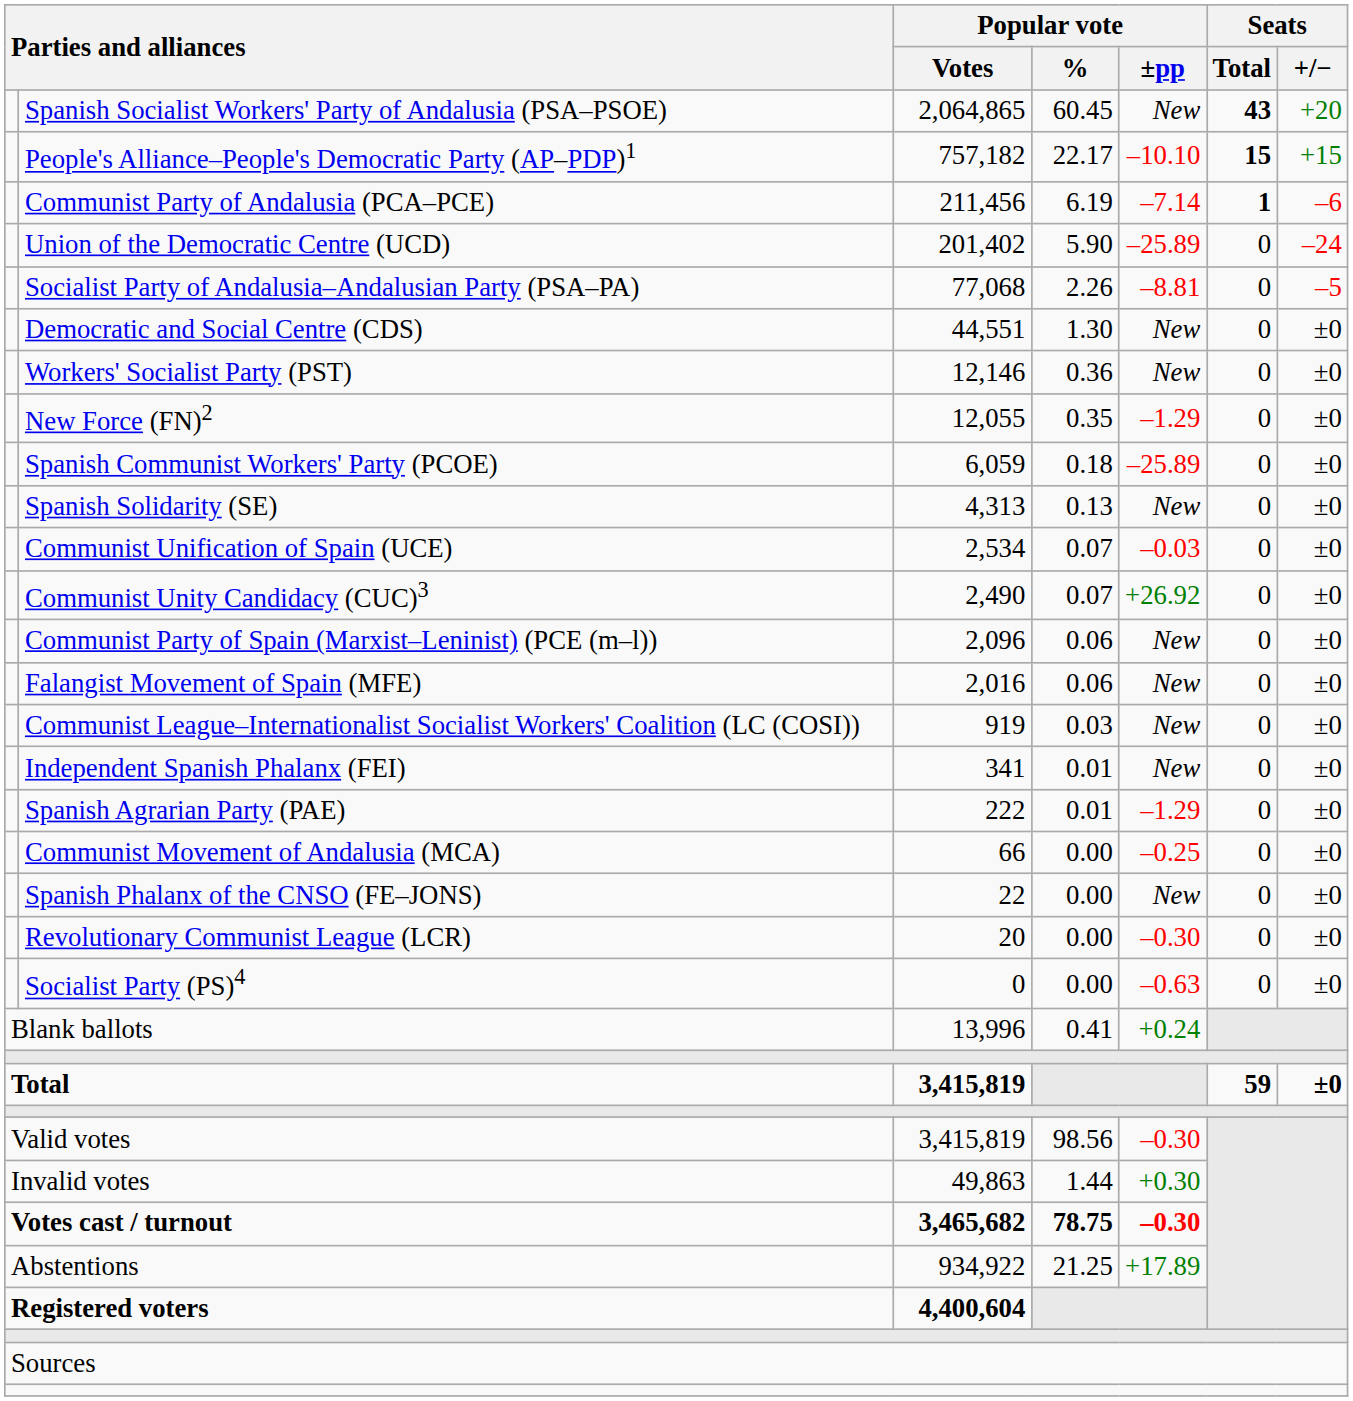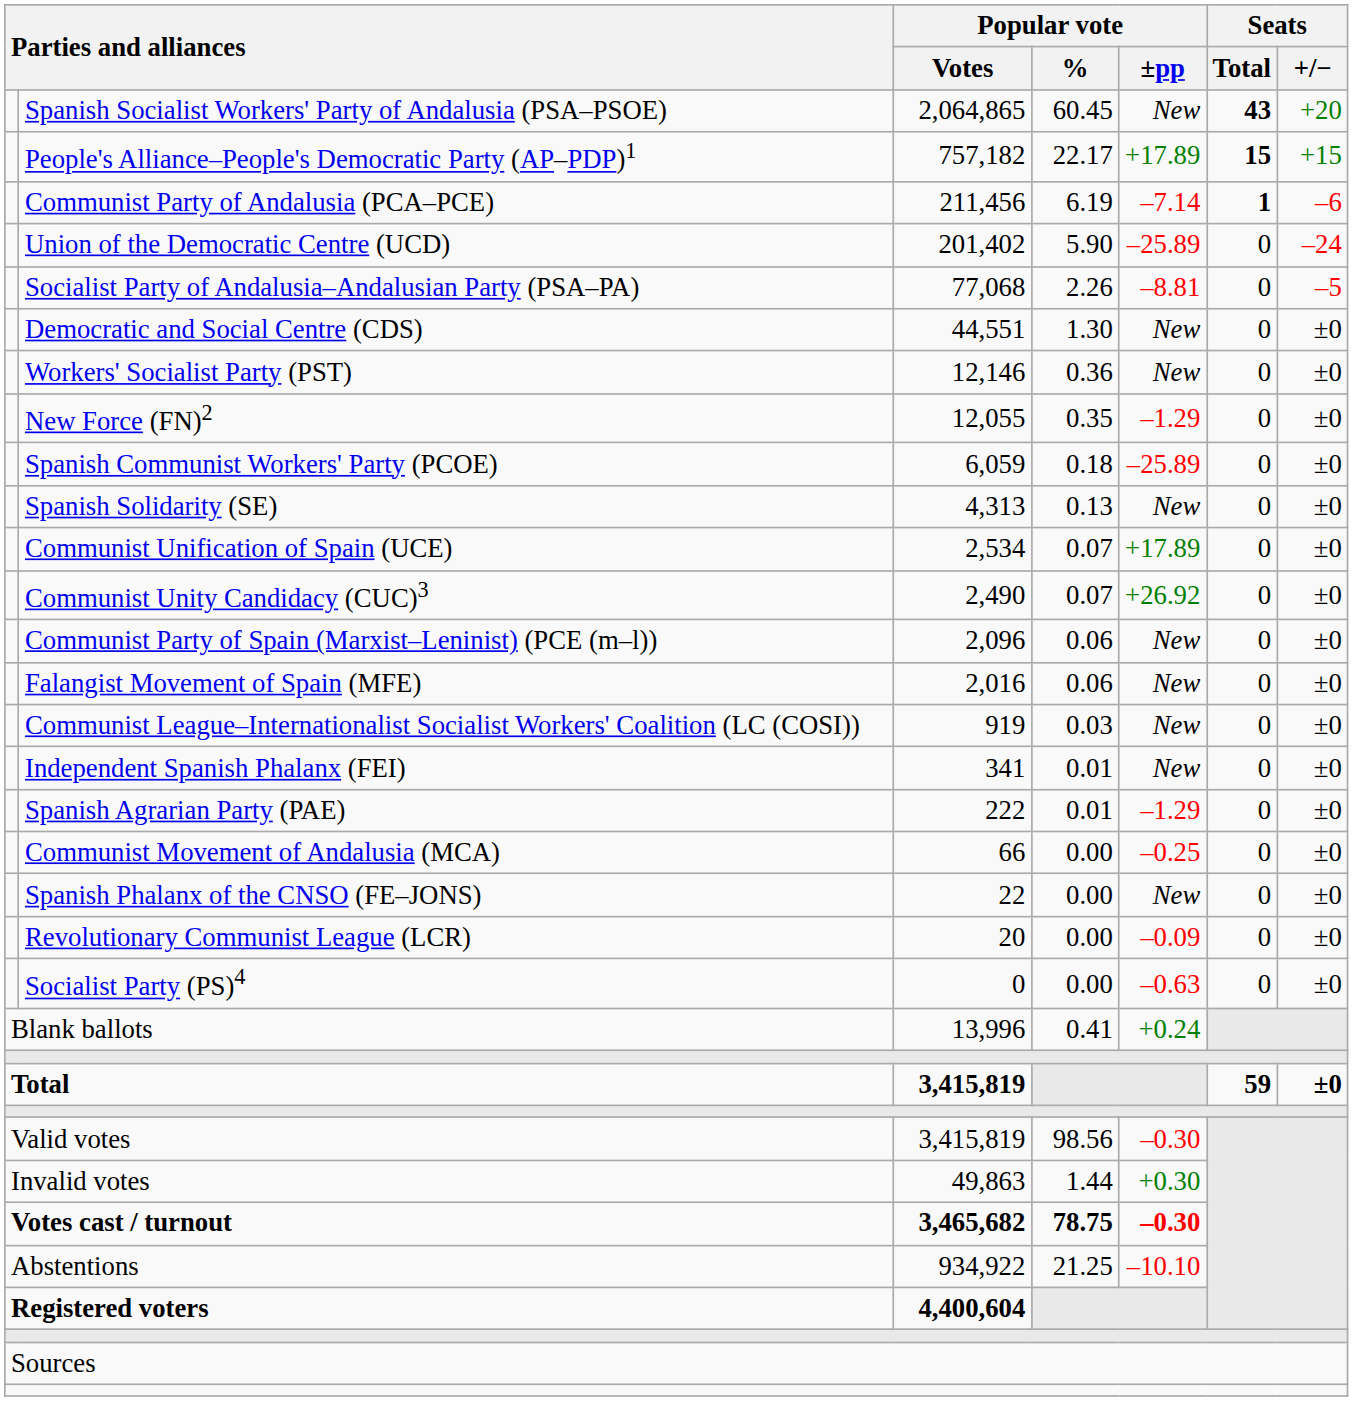 <table class="wikitable" style="text-align:right;">
 <tr>
 <th style="text-align:left;" rowspan="2" colspan="2" width="525">Parties and alliances</th>
 <th colspan="3">Popular vote</th>
 <th colspan="2">Seats</th>
 </tr>
 <tr>
 <th width="75">Votes</th>
 <th width="45">%</th>
 <th width="45">±<a href='#'>pp</a></th>
 <th width="35">Total</th>
 <th width="35">+/−</th>
 </tr>
 <tr>
 <td width="1" style="color:inherit;background:"></td>
 <td align="left"><a href='#'>Spanish Socialist Workers' Party of Andalusia</a> (PSA–PSOE)</td>
 <td>2,064,865</td>
 <td>60.45</td>
 <td><em>New</em></td>
 <td><strong>43</strong></td>
 <td style="color:green;">+20</td>
 </tr>
 <tr>
 <td style="color:inherit;background:"></td>
 <td align="left"><a href='#'>People's Alliance–People's Democratic Party</a> (<a href='#'>AP</a>–<a href='#'>PDP</a>)<sup>1</sup></td>
 <td>757,182</td>
 <td>22.17</td>
-<td style="color:red;">–10.10</td>
+<td style="color:green;">+17.89</td>
 <td><strong>15</strong></td>
 <td style="color:green;">+15</td>
 </tr>
 <tr>
 <td style="color:inherit;background:"></td>
 <td align="left"><a href='#'>Communist Party of Andalusia</a> (PCA–PCE)</td>
 <td>211,456</td>
 <td>6.19</td>
 <td style="color:red;">–7.14</td>
 <td><strong>1</strong></td>
 <td style="color:red;">–6</td>
 </tr>
 <tr>
 <td style="color:inherit;background:"></td>
 <td align="left"><a href='#'>Union of the Democratic Centre</a> (UCD)</td>
 <td>201,402</td>
 <td>5.90</td>
 <td style="color:red;">–25.89</td>
 <td>0</td>
 <td style="color:red;">–24</td>
 </tr>
 <tr>
 <td style="color:inherit;background:"></td>
 <td align="left"><a href='#'>Socialist Party of Andalusia–Andalusian Party</a> (PSA–PA)</td>
 <td>77,068</td>
 <td>2.26</td>
 <td style="color:red;">–8.81</td>
 <td>0</td>
 <td style="color:red;">–5</td>
 </tr>
 <tr>
 <td style="color:inherit;background:"></td>
 <td align="left"><a href='#'>Democratic and Social Centre</a> (CDS)</td>
 <td>44,551</td>
 <td>1.30</td>
 <td><em>New</em></td>
 <td>0</td>
 <td>±0</td>
 </tr>
 <tr>
 <td style="color:inherit;background:"></td>
 <td align="left"><a href='#'>Workers' Socialist Party</a> (PST)</td>
 <td>12,146</td>
 <td>0.36</td>
 <td><em>New</em></td>
 <td>0</td>
 <td>±0</td>
 </tr>
 <tr>
 <td style="color:inherit;background:"></td>
 <td align="left"><a href='#'>New Force</a> (FN)<sup>2</sup></td>
 <td>12,055</td>
 <td>0.35</td>
 <td style="color:red;">–1.29</td>
 <td>0</td>
 <td>±0</td>
 </tr>
 <tr>
 <td style="color:inherit;background:"></td>
 <td align="left"><a href='#'>Spanish Communist Workers' Party</a> (PCOE)</td>
 <td>6,059</td>
 <td>0.18</td>
 <td style="color:red;">–25.89</td>
 <td>0</td>
 <td>±0</td>
 </tr>
 <tr>
 <td style="color:inherit;background:"></td>
 <td align="left"><a href='#'>Spanish Solidarity</a> (SE)</td>
 <td>4,313</td>
 <td>0.13</td>
 <td><em>New</em></td>
 <td>0</td>
 <td>±0</td>
 </tr>
 <tr>
 <td style="color:inherit;background:"></td>
 <td align="left"><a href='#'>Communist Unification of Spain</a> (UCE)</td>
 <td>2,534</td>
 <td>0.07</td>
-<td style="color:red;">–0.03</td>
+<td style="color:green;">+17.89</td>
 <td>0</td>
 <td>±0</td>
 </tr>
 <tr>
 <td style="color:inherit;background:"></td>
 <td align="left"><a href='#'>Communist Unity Candidacy</a> (CUC)<sup>3</sup></td>
 <td>2,490</td>
 <td>0.07</td>
 <td style="color:green;">+26.92</td>
 <td>0</td>
 <td>±0</td>
 </tr>
 <tr>
 <td style="color:inherit;background:"></td>
 <td align="left"><a href='#'>Communist Party of Spain (Marxist–Leninist)</a> (PCE (m–l))</td>
 <td>2,096</td>
 <td>0.06</td>
 <td><em>New</em></td>
 <td>0</td>
 <td>±0</td>
 </tr>
 <tr>
 <td style="color:inherit;background:"></td>
 <td align="left"><a href='#'>Falangist Movement of Spain</a> (MFE)</td>
 <td>2,016</td>
 <td>0.06</td>
 <td><em>New</em></td>
 <td>0</td>
 <td>±0</td>
 </tr>
 <tr>
 <td style="color:inherit;background:"></td>
 <td align="left"><a href='#'>Communist League–Internationalist Socialist Workers' Coalition</a> (LC (COSI))</td>
 <td>919</td>
 <td>0.03</td>
 <td><em>New</em></td>
 <td>0</td>
 <td>±0</td>
 </tr>
 <tr>
 <td style="color:inherit;background:"></td>
 <td align="left"><a href='#'>Independent Spanish Phalanx</a> (FEI)</td>
 <td>341</td>
 <td>0.01</td>
 <td><em>New</em></td>
 <td>0</td>
 <td>±0</td>
 </tr>
 <tr>
 <td style="color:inherit;background:"></td>
 <td align="left"><a href='#'>Spanish Agrarian Party</a> (PAE)</td>
 <td>222</td>
 <td>0.01</td>
 <td style="color:red;">–1.29</td>
 <td>0</td>
 <td>±0</td>
 </tr>
 <tr>
 <td style="color:inherit;background:"></td>
 <td align="left"><a href='#'>Communist Movement of Andalusia</a> (MCA)</td>
 <td>66</td>
 <td>0.00</td>
 <td style="color:red;">–0.25</td>
 <td>0</td>
 <td>±0</td>
 </tr>
 <tr>
 <td style="color:inherit;background:"></td>
 <td align="left"><a href='#'>Spanish Phalanx of the CNSO</a> (FE–JONS)</td>
 <td>22</td>
 <td>0.00</td>
 <td><em>New</em></td>
 <td>0</td>
 <td>±0</td>
 </tr>
 <tr>
 <td style="color:inherit;background:"></td>
 <td align="left"><a href='#'>Revolutionary Communist League</a> (LCR)</td>
 <td>20</td>
 <td>0.00</td>
-<td style="color:red;">–0.30</td>
+<td style="color:red;">–0.09</td>
 <td>0</td>
 <td>±0</td>
 </tr>
 <tr>
 <td style="color:inherit;background:"></td>
 <td align="left"><a href='#'>Socialist Party</a> (PS)<sup>4</sup></td>
 <td>0</td>
 <td>0.00</td>
 <td style="color:red;">–0.63</td>
 <td>0</td>
 <td>±0</td>
 </tr>
 <tr>
 <td align="left" colspan="2">Blank ballots</td>
 <td>13,996</td>
 <td>0.41</td>
 <td style="color:green;">+0.24</td>
 <td bgcolor="#E9E9E9" colspan="2"></td>
 </tr>
 <tr>
 <td colspan="7" bgcolor="#E9E9E9"></td>
 </tr>
 <tr style="font-weight:bold;">
 <td align="left" colspan="2">Total</td>
 <td>3,415,819</td>
 <td bgcolor="#E9E9E9" colspan="2"></td>
 <td>59</td>
 <td>±0</td>
 </tr>
 <tr>
 <td colspan="7" bgcolor="#E9E9E9"></td>
 </tr>
 <tr>
 <td align="left" colspan="2">Valid votes</td>
 <td>3,415,819</td>
 <td>98.56</td>
 <td style="color:red;">–0.30</td>
 <td bgcolor="#E9E9E9" colspan="2" rowspan="5"></td>
 </tr>
 <tr>
 <td align="left" colspan="2">Invalid votes</td>
 <td>49,863</td>
 <td>1.44</td>
 <td style="color:green;">+0.30</td>
 </tr>
 <tr style="font-weight:bold;">
 <td align="left" colspan="2">Votes cast / turnout</td>
 <td>3,465,682</td>
 <td>78.75</td>
 <td style="color:red;">–0.30</td>
 </tr>
 <tr>
 <td align="left" colspan="2">Abstentions</td>
 <td>934,922</td>
 <td>21.25</td>
-<td style="color:green;">+17.89</td>
+<td style="color:red;">–10.10</td>
 </tr>
 <tr style="font-weight:bold;">
 <td align="left" colspan="2">Registered voters</td>
 <td>4,400,604</td>
 <td bgcolor="#E9E9E9" colspan="2"></td>
 </tr>
 <tr>
 <td colspan="7" bgcolor="#E9E9E9"></td>
 </tr>
 <tr>
 <td align="left" colspan="7">Sources</td>
 </tr>
 <tr>
 <td colspan="7" style="text-align:left; max-width:790px;"></td>
 </tr>
 </table>
